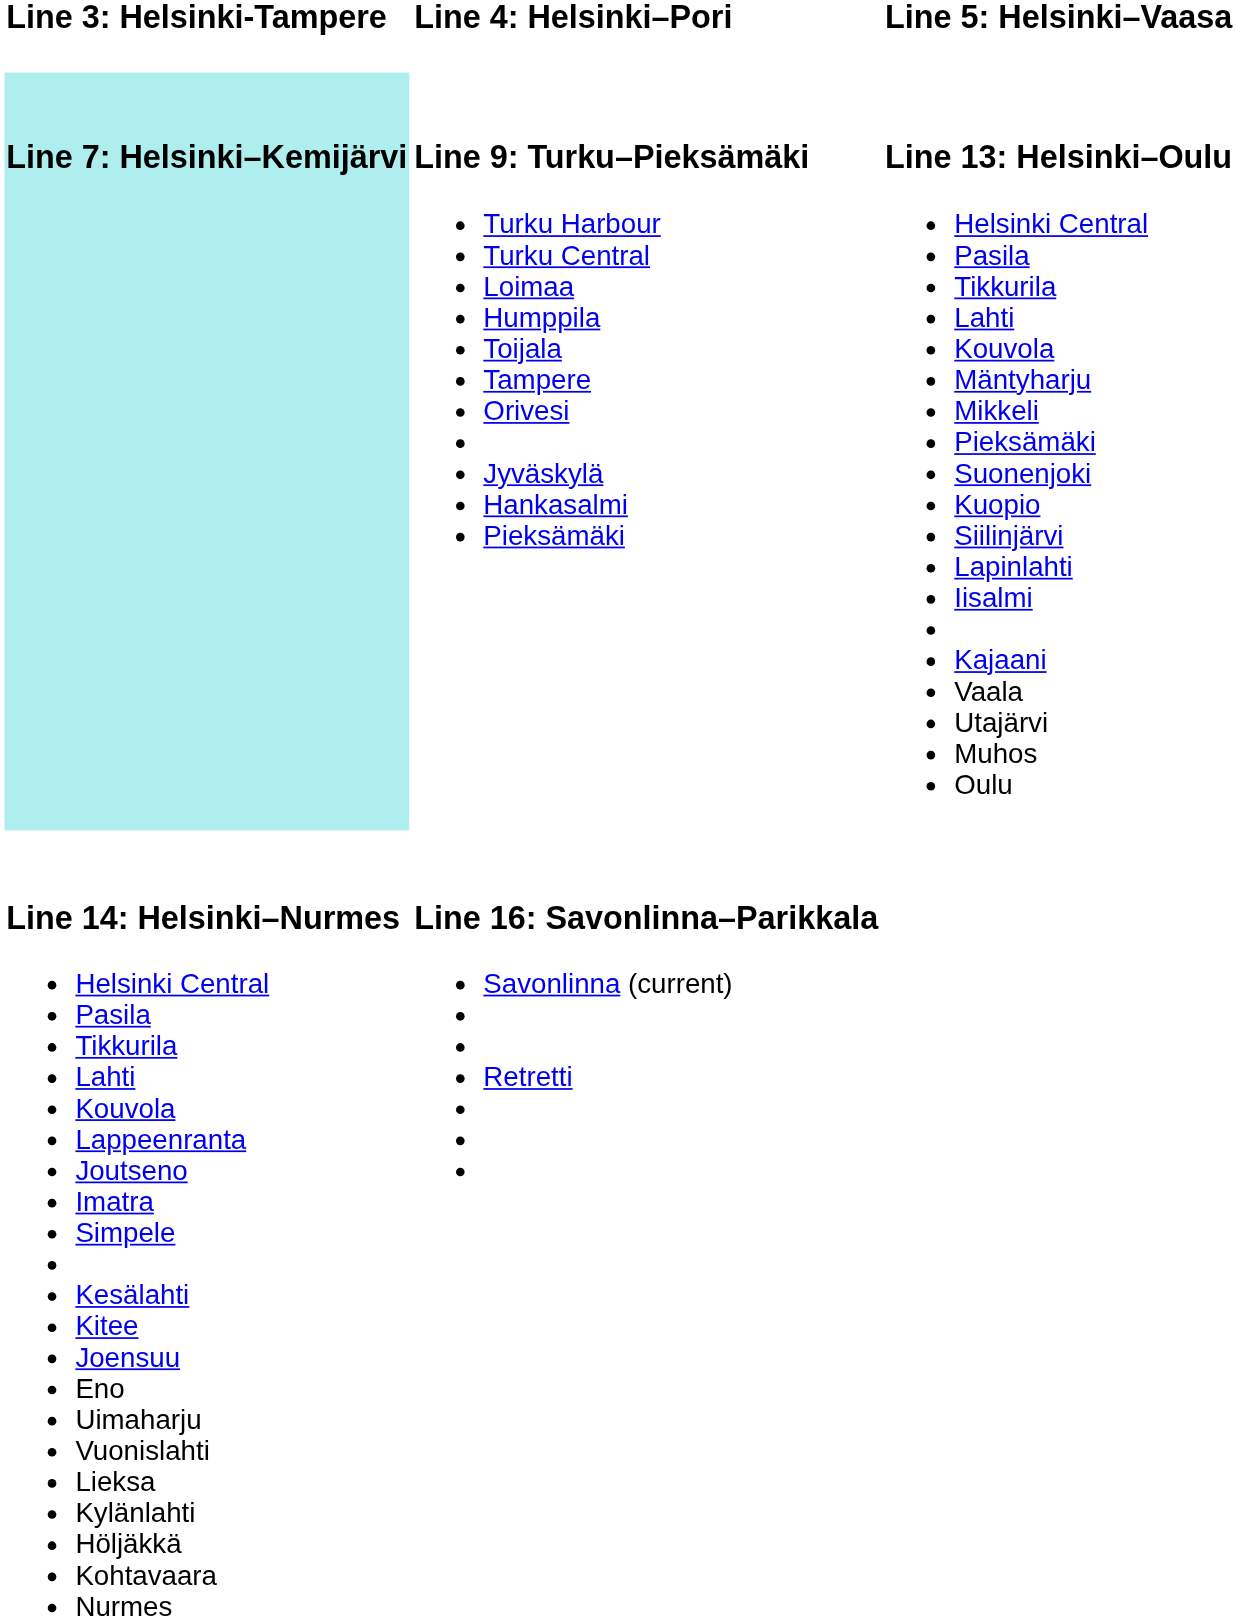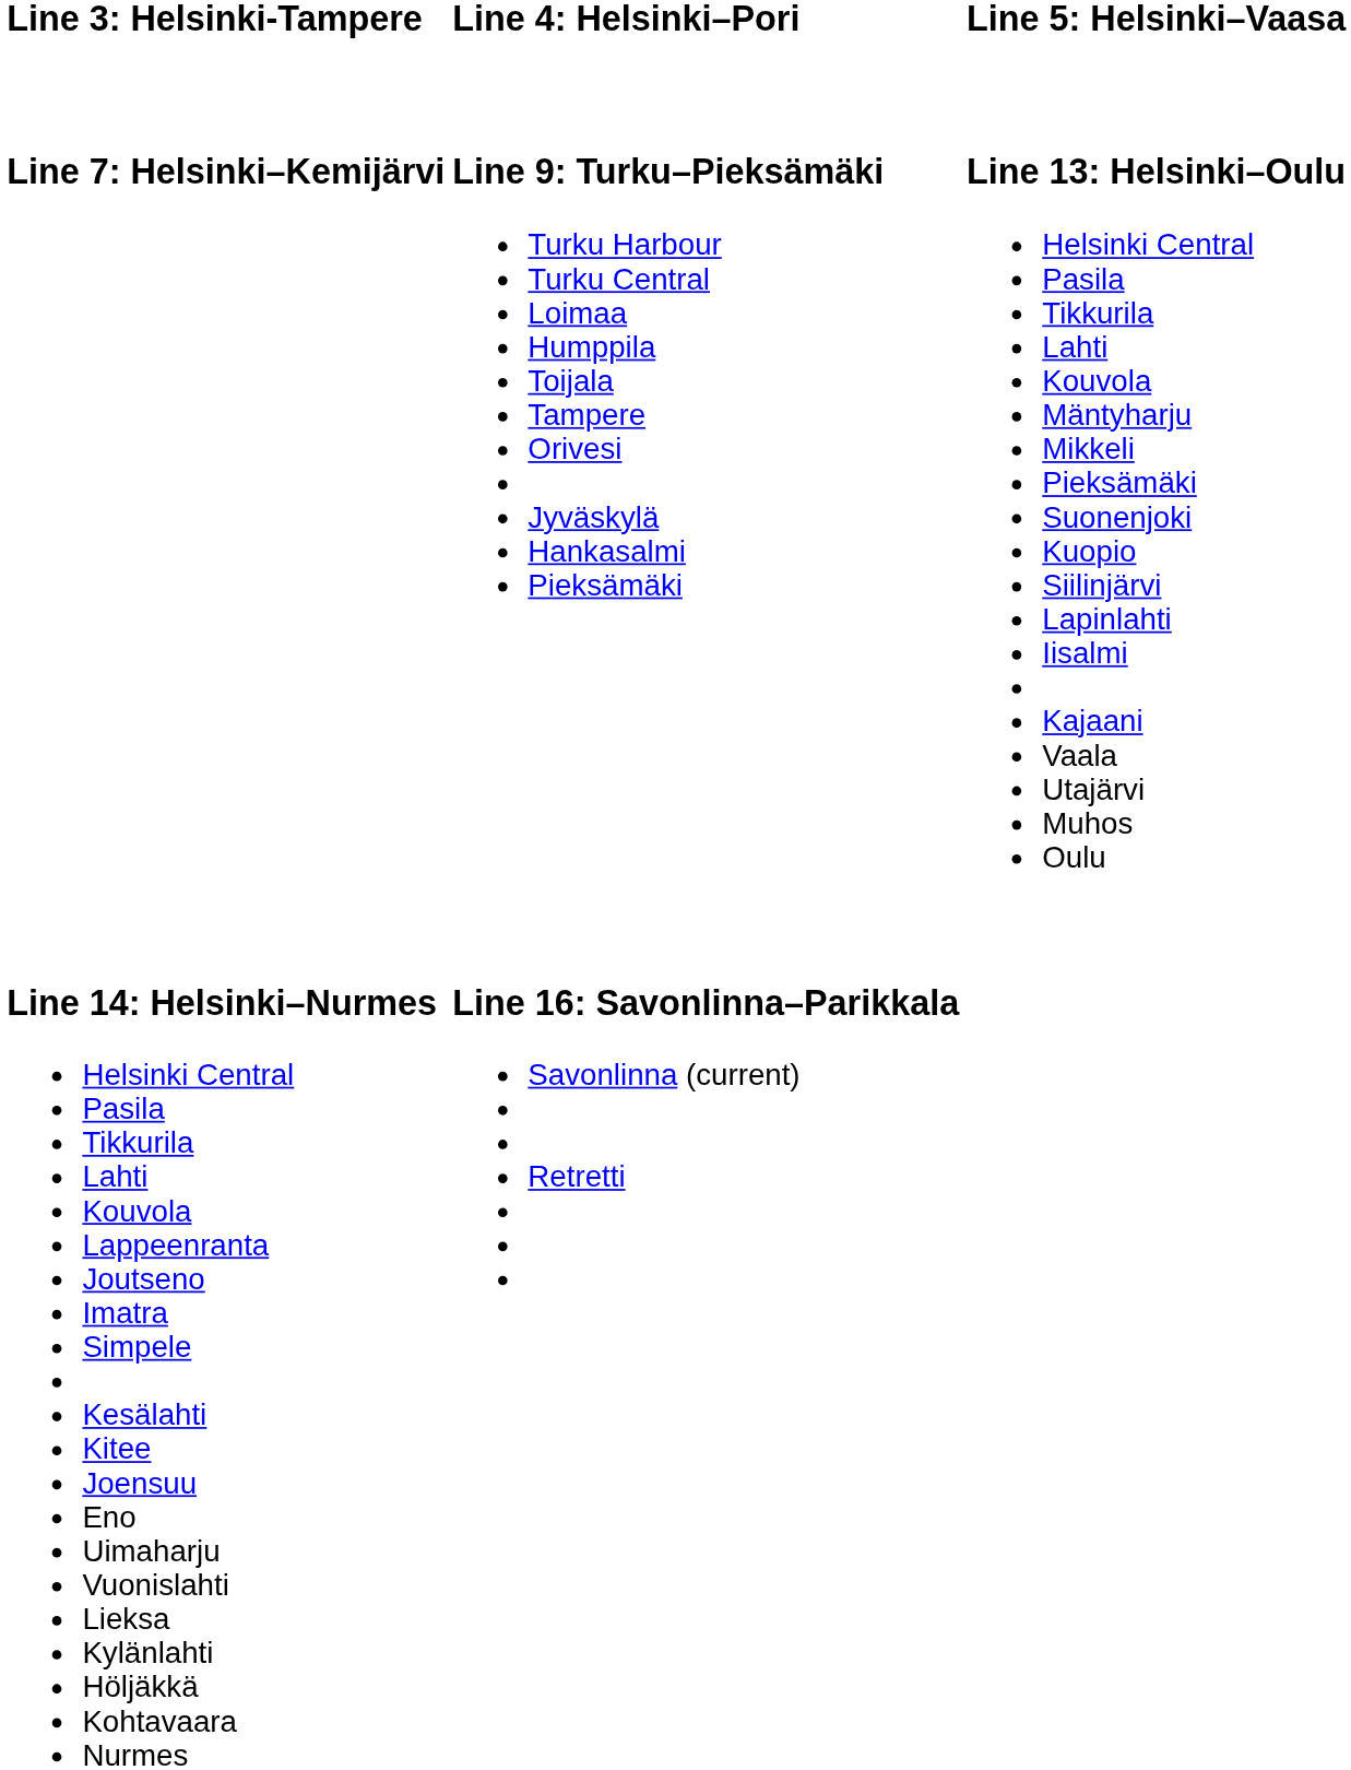 <table>
 <tr style="vertical-align:top">
 <td><br><h3>Line 3: Helsinki-Tampere</h3></td>
 <td><br><h3>Line 4: Helsinki–Pori</h3>  </td>
 <td><br><h3>Line 5: Helsinki–Vaasa</h3> </td>
 </tr>
 <tr style="vertical-align:top">
-<td style="background: paleturquoise;"><br><h3>Line 7: Helsinki–Kemijärvi</h3> </td>
+<td><br><h3>Line 7: Helsinki–Kemijärvi</h3> </td>
 <td><br><h3>Line 9: Turku–Pieksämäki</h3><ul><li><a href='#'>Turku Harbour</a></li><li><a href='#'>Turku Central</a></li><li><a href='#'>Loimaa</a></li><li><a href='#'>Humppila</a></li><li><a href='#'>Toijala</a></li><li><a href='#'>Tampere</a></li><li><a href='#'>Orivesi</a></li><li></li><li><a href='#'>Jyväskylä</a></li><li><a href='#'>Hankasalmi</a></li><li><a href='#'>Pieksämäki</a></li></ul></td>
 <td><br><h3>Line 13: Helsinki–Oulu</h3><ul><li><a href='#'>Helsinki Central</a></li><li><a href='#'>Pasila</a></li><li><a href='#'>Tikkurila</a></li><li><a href='#'>Lahti</a></li><li><a href='#'>Kouvola</a></li><li><a href='#'>Mäntyharju</a></li><li><a href='#'>Mikkeli</a></li><li><a href='#'>Pieksämäki</a></li><li><a href='#'>Suonenjoki</a></li><li><a href='#'>Kuopio</a></li><li><a href='#'>Siilinjärvi</a></li><li><a href='#'>Lapinlahti</a></li><li><a href='#'>Iisalmi</a></li><li></li><li><a href='#'>Kajaani</a></li><li>Vaala</li><li>Utajärvi</li><li>Muhos</li><li>Oulu</li></ul></td>
 </tr>
 <tr style="vertical-align:top">
 <td><br><h3>Line 14: Helsinki–Nurmes</h3><ul><li><a href='#'>Helsinki Central</a></li><li><a href='#'>Pasila</a></li><li><a href='#'>Tikkurila</a></li><li><a href='#'>Lahti</a></li><li><a href='#'>Kouvola</a></li><li><a href='#'>Lappeenranta</a></li><li><a href='#'>Joutseno</a></li><li><a href='#'>Imatra</a></li><li><a href='#'>Simpele</a></li><li></li><li><a href='#'>Kesälahti</a></li><li><a href='#'>Kitee</a></li><li><a href='#'>Joensuu</a></li><li>Eno</li><li>Uimaharju</li><li>Vuonislahti</li><li>Lieksa</li><li>Kylänlahti</li><li>Höljäkkä</li><li>Kohtavaara</li><li>Nurmes</li></ul></td>
 <td><br><h3>Line 16: Savonlinna–Parikkala</h3><ul><li><a href='#'>Savonlinna</a> (current)</li><li></li><li></li><li><a href='#'>Retretti</a></li><li></li><li></li><li></li></ul></td>
 <td></td>
 </tr>
 </table>
